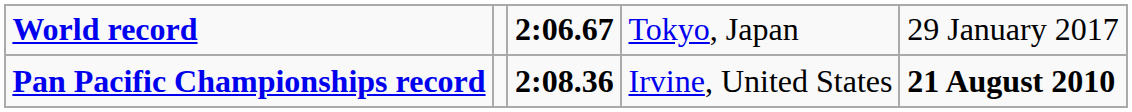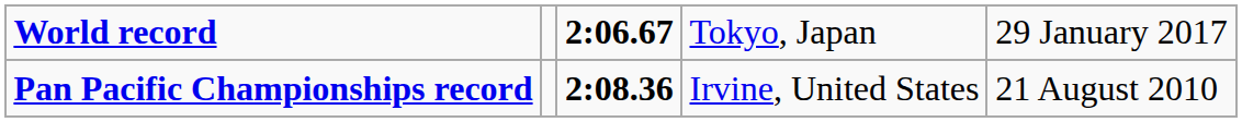 <table class="wikitable">
 <tr>
 <td><strong><a href='#'>World record</a></strong></td>
 <td></td>
 <td><strong>2:06.67</strong></td>
 <td><a href='#'>Tokyo</a>, Japan</td>
 <td>29 January 2017</td>
 </tr>
 <tr>
 <td><strong><a href='#'>Pan Pacific Championships record</a></strong></td>
 <td></td>
 <td><strong>2:08.36</strong></td>
 <td><a href='#'>Irvine</a>, United States</td>
-<td><strong>21 August 2010</strong></td>
+<td>21 August 2010</td>
 </tr>
 </table>
